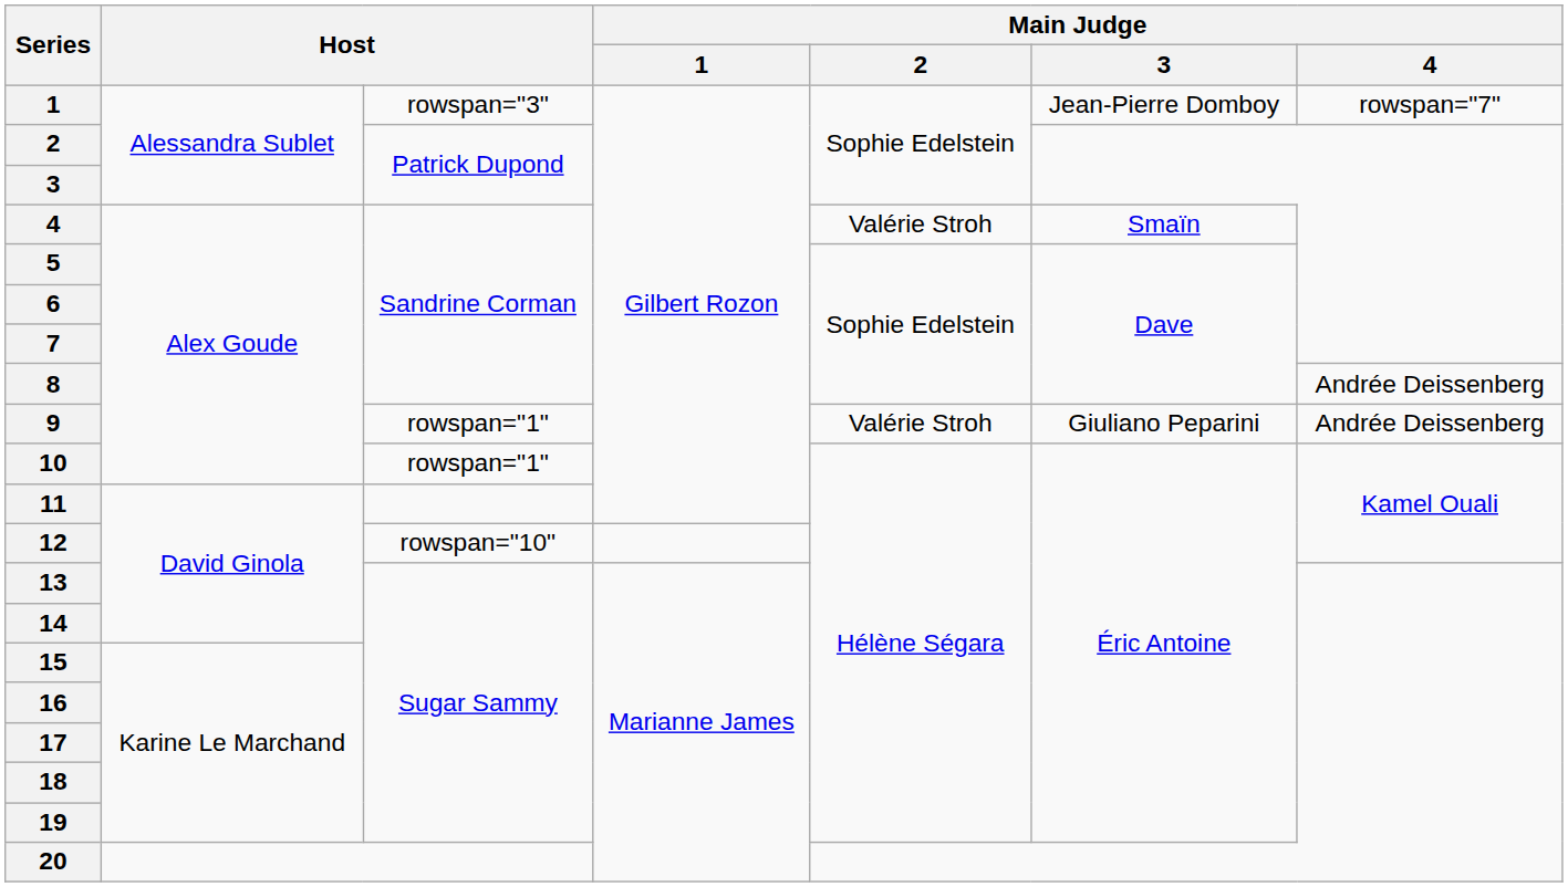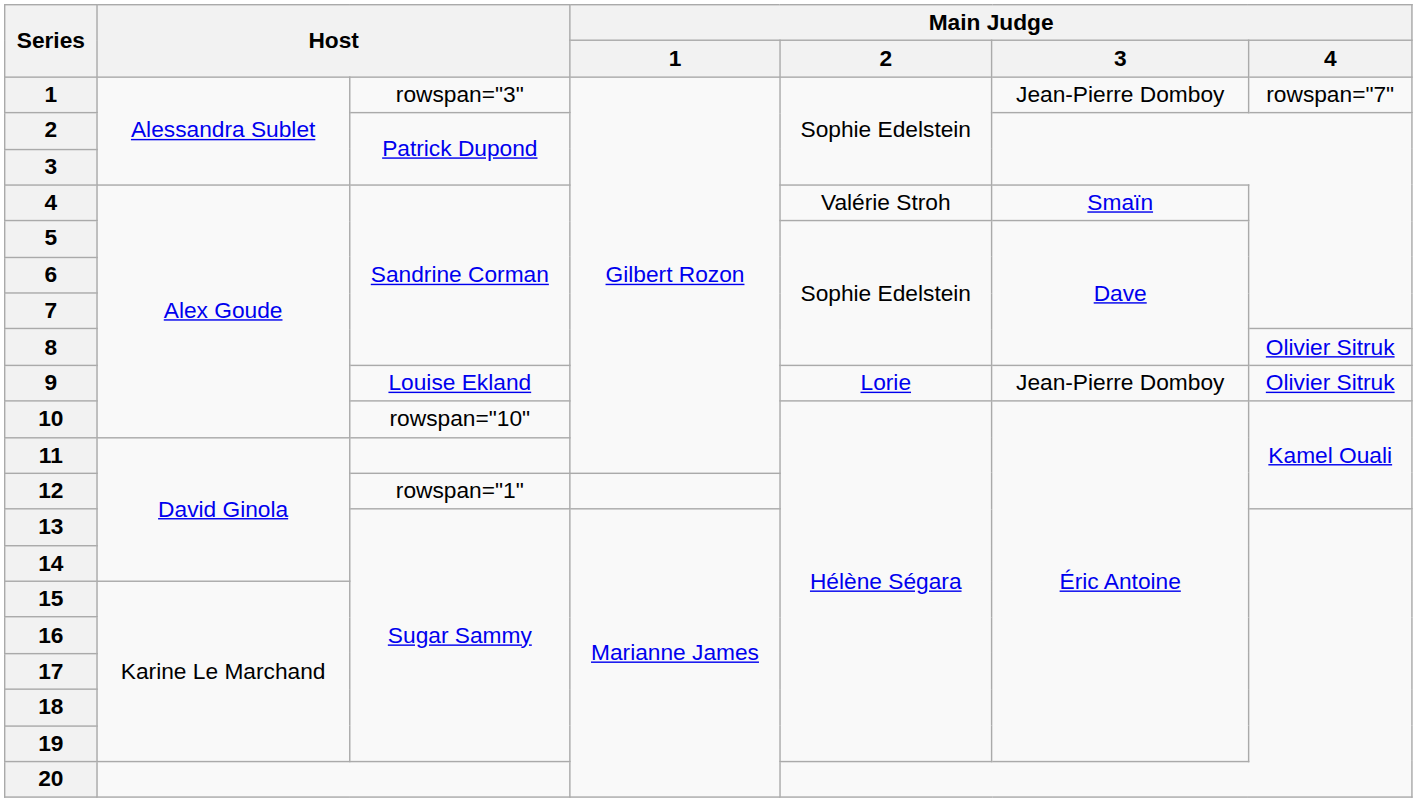 <table class="wikitable" style="text-align:center; width: 50%;">
 <tr>
 <th rowspan=2>Series</th>
 <th colspan="2" rowspan="2">Host</th>
 <th colspan="4">Main Judge</th>
 </tr>
 <tr>
 <th>1</th>
 <th>2</th>
 <th>3</th>
 <th>4</th>
 </tr>
 <tr>
 <th scope="row">1</th>
 <td rowspan="3"><a href='#'>Alessandra Sublet</a></td>
 <td>rowspan="3" </td>
 <td rowspan="11"><a href='#'>Gilbert Rozon</a></td>
 <td rowspan="3">Sophie Edelstein</td>
 <td rowspan="1">Jean-Pierre Domboy</td>
 <td>rowspan="7" </td>
 </tr>
 <tr>
 <th scope="row">2</th>
 <td rowspan="2"><a href='#'>Patrick Dupond</a></td>
 </tr>
 <tr>
 <th scope="row">3</th>
 </tr>
 <tr>
 <th scope="row">4</th>
 <td rowspan="7"><a href='#'>Alex Goude</a></td>
 <td rowspan="5"><a href='#'>Sandrine Corman</a></td>
 <td rowspan="1">Valérie Stroh</td>
 <td rowspan="1"><a href='#'>Smaïn</a></td>
 </tr>
 <tr>
 <th scope="row">5</th>
 <td rowspan="4">Sophie Edelstein</td>
 <td rowspan="4"><a href='#'>Dave</a></td>
 </tr>
 <tr>
 <th scope="row">6</th>
 </tr>
 <tr>
 <th scope="row">7</th>
 </tr>
 <tr>
 <th scope="row">8</th>
-<td rowspan="1">Andrée Deissenberg</td>
+<td rowspan="1"><a href='#'>Olivier Sitruk</a></td>
 </tr>
 <tr>
 <th scope="row">9</th>
-<td>rowspan="1" </td>
-<td rowspan="1">Valérie Stroh</td>
-<td rowspan="1">Giuliano Peparini</td>
-<td rowspan="1">Andrée Deissenberg</td>
+<td rowspan="1"><a href='#'>Louise Ekland</a></td>
+<td rowspan="1"><a href='#'>Lorie</a></td>
+<td rowspan="1">Jean-Pierre Domboy</td>
+<td rowspan="1"><a href='#'>Olivier Sitruk</a></td>
 </tr>
 <tr>
 <th scope="row">10</th>
-<td>rowspan="1" </td>
+<td>rowspan="10" </td>
 <td rowspan="10"><a href='#'>Hélène Ségara</a></td>
 <td rowspan="10"><a href='#'>Éric Antoine</a></td>
 <td rowspan="3"><a href='#'>Kamel Ouali</a></td>
 </tr>
 <tr>
 <th scope="row">11</th>
 <td rowspan="4"><a href='#'>David Ginola</a></td>
 </tr>
 <tr>
 <th scope="row">12</th>
-<td>rowspan="10" </td>
+<td>rowspan="1" </td>
 </tr>
 <tr>
 <th scope="row">13</th>
 <td rowspan="7"><a href='#'>Sugar Sammy</a></td>
 <td rowspan="8"><a href='#'>Marianne James</a></td>
 </tr>
 <tr>
 <th scope="row">14</th>
 </tr>
 <tr>
 <th scope="row">15</th>
 <td rowspan="5">Karine Le Marchand</td>
 </tr>
 <tr>
 <th scope="row">16</th>
 </tr>
 <tr>
 <th scope="row">17</th>
 </tr>
 <tr>
 <th scope="row">18</th>
 </tr>
 <tr>
 <th scope="row">19</th>
 </tr>
 <tr>
 <th scope="row">20</th>
 </tr>
 </table>
